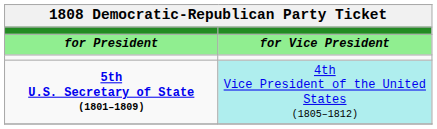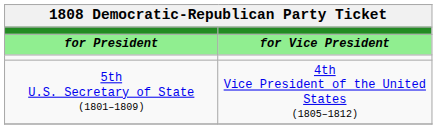 <table class="wikitable" style="font-size:90%; text-align:center;">
 <tr>
 <td style="background:#f1f1f1;" colspan="30"><big><strong>1808 Democratic-Republican Party Ticket</strong></big></td>
 </tr>
 <tr>
 <th style="width:3em; font-size:135%; background:#228B22; width:200px;"><a href='#'></a></th>
 <th style="width:3em; font-size:135%; background:#228B22; width:200px;"><a href='#'></a></th>
 </tr>
 <tr>
 <td style="width:3em; font-size:100%; color:#000; background:#90EE90; width:200px;"><strong><em>for President</em></strong></td>
 <td style="width:3em; font-size:100%; color:#000; background:#90EE90; width:200px;"><strong><em>for Vice President</em></strong></td>
 </tr>
 <tr>
 <td></td>
 <td></td>
 </tr>
 <tr>
-<td><strong><a href='#'>5th</a><br><a href='#'>U.S. Secretary of State</a><br><small>(1801–1809)</small></strong></td>
-<td style="background: paleturquoise;"><a href='#'>4th</a><br><a href='#'>Vice President of the United States</a><br><small>(1805–1812)</small></td>
+<td><a href='#'>5th</a><br><a href='#'>U.S. Secretary of State</a><br><small>(1801–1809)</small></td>
+<td><a href='#'>4th</a><br><a href='#'>Vice President of the United States</a><br><small>(1805–1812)</small></td>
 </tr>
 <tr>
 </tr>
 </table>
